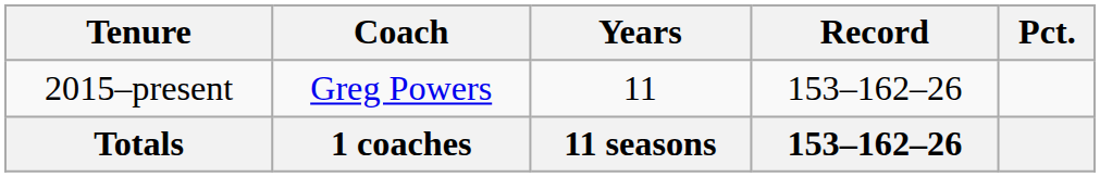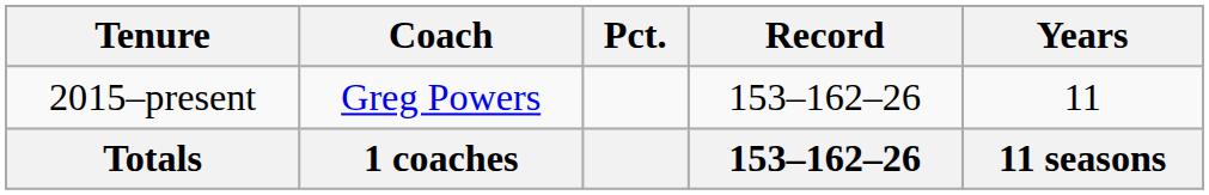 <table class="wikitable" width ="80%">
 <tr>
 <th>Tenure</th>
 <th>Coach</th>
+<th>Pct.</th>
+<th>Record</th>
 <th>Years</th>
-<th>Record</th>
-<th>Pct.</th>
 </tr>
 <tr align="center">
 <td>2015–present</td>
 <td><a href='#'>Greg Powers</a></td>
+<td></td>
+<td>153–162–26</td>
 <td>11</td>
-<td>153–162–26</td>
-<td></td>
 </tr>
 <tr align="center">
 <th>Totals</th>
 <th>1 coaches</th>
+<th></th>
+<th>153–162–26</th>
 <th>11 seasons</th>
-<th>153–162–26</th>
-<th></th>
 </tr>
 </table>
